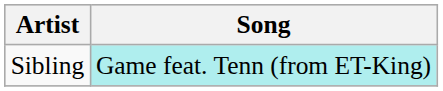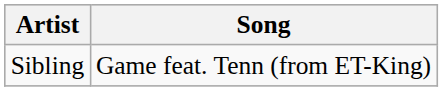 <table class="wikitable">
 <tr>
 <th>Artist</th>
 <th>Song</th>
 </tr>
 <tr>
 <td>Sibling</td>
-<td style="background: paleturquoise;">Game feat. Tenn (from ET-King)</td>
+<td>Game feat. Tenn (from ET-King)</td>
 </tr>
 </table>
